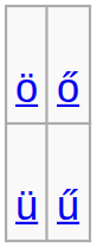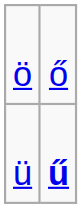 <table class="wikitable" style="line-height: 1.2">
 <tr align=center>
 <td> <br> <a href='#'>ö</a></td>
 <td> <br> <a href='#'>ő</a></td>
 </tr>
 <tr align=center>
 <td> <br> <a href='#'>ü</a></td>
-<td> <br> <a href='#'>ű</a></td>
+<td><strong> <br> <a href='#'>ű</a></strong></td>
 </tr>
 </table>
